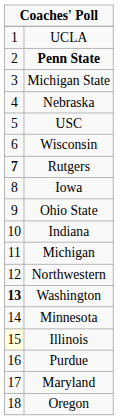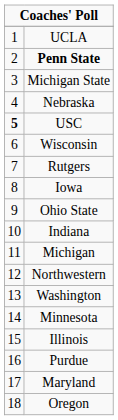 <table class="wikitable" style="display: inline-table;">
 <tr>
 <td colspan="3" align="center"><strong>Coaches' Poll</strong></td>
 </tr>
 <tr align="center">
 </tr>
 <tr align="center">
 <td>1</td>
 <td>UCLA</td>
 </tr>
 <tr align="center">
 <td>2</td>
 <td><strong>Penn State</strong></td>
 </tr>
 <tr align="center">
 <td>3</td>
 <td>Michigan State</td>
 </tr>
 <tr align="center">
 <td>4</td>
 <td>Nebraska</td>
 </tr>
 <tr align="center">
-<td>5</td>
+<td><strong>5</strong></td>
 <td>USC</td>
 </tr>
 <tr align="center">
 <td>6</td>
 <td>Wisconsin</td>
 </tr>
 <tr align="center">
-<td><strong>7</strong></td>
+<td>7</td>
 <td>Rutgers</td>
 </tr>
 <tr align="center">
 <td>8</td>
 <td>Iowa</td>
 </tr>
 <tr align="center">
 <td>9</td>
 <td>Ohio State</td>
 </tr>
 <tr align="center">
 <td>10</td>
 <td>Indiana</td>
 </tr>
 <tr align="center">
 <td>11</td>
 <td>Michigan</td>
 </tr>
 <tr align="center">
 <td>12</td>
 <td>Northwestern</td>
 </tr>
 <tr align="center">
-<td><strong>13</strong></td>
+<td>13</td>
 <td>Washington</td>
 </tr>
 <tr align="center">
 <td>14</td>
 <td>Minnesota</td>
 </tr>
 <tr align="center">
-<td style="background: lightyellow;">15</td>
+<td>15</td>
 <td>Illinois</td>
 </tr>
 <tr align="center">
 <td>16</td>
 <td>Purdue</td>
 </tr>
 <tr align="center">
 <td>17</td>
 <td>Maryland</td>
 </tr>
 <tr align="center">
 <td>18</td>
 <td>Oregon</td>
 </tr>
 </table>
